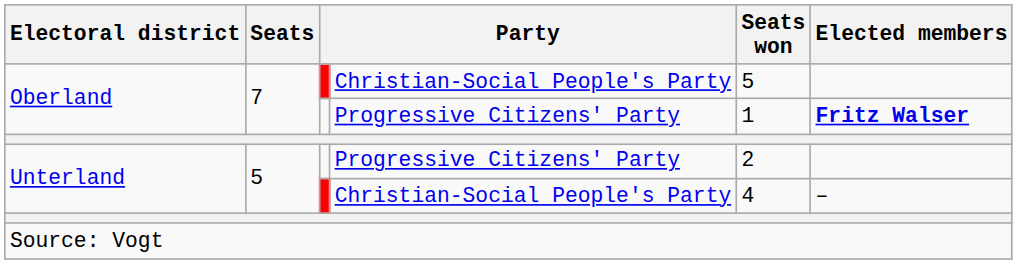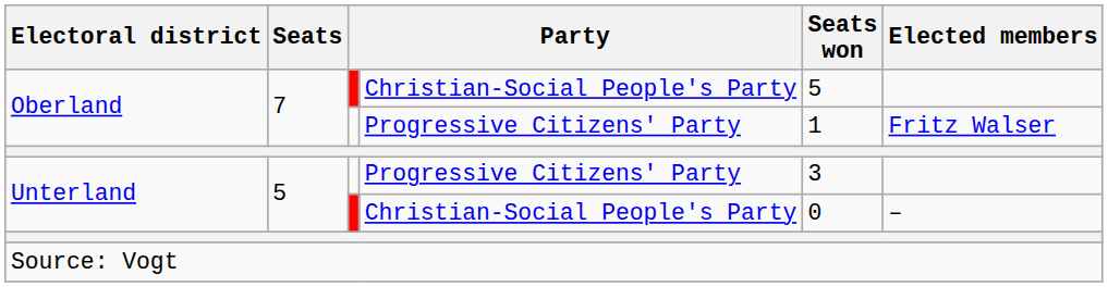 <table class="wikitable">
 <tr>
 <th>Electoral district</th>
 <th>Seats</th>
 <th colspan="2">Party</th>
 <th>Seats<br>won</th>
 <th>Elected members</th>
 </tr>
 <tr>
 <td rowspan="2"><a href='#'>Oberland</a></td>
 <td rowspan="2">7</td>
 <td bgcolor=#FF0000></td>
 <td><a href='#'>Christian-Social People's Party</a></td>
 <td>5</td>
 <td></td>
 </tr>
 <tr>
 <td></td>
 <td><a href='#'>Progressive Citizens' Party</a></td>
 <td>1</td>
-<td><strong><a href='#'>Fritz Walser</a></strong></td>
+<td><a href='#'>Fritz Walser</a></td>
 </tr>
 <tr>
 <th colspan="6"></th>
 </tr>
 <tr>
 <td rowspan="2"><a href='#'>Unterland</a></td>
 <td rowspan="2">5</td>
 <td></td>
 <td><a href='#'>Progressive Citizens' Party</a></td>
-<td>2</td>
+<td>3</td>
 <td></td>
 </tr>
 <tr>
 <td bgcolor=#FF0000></td>
 <td><a href='#'>Christian-Social People's Party</a></td>
-<td>4</td>
+<td>0</td>
 <td>–</td>
 </tr>
 <tr>
 <th colspan="6"></th>
 </tr>
 <tr>
 <td colspan="6">Source: Vogt</td>
 </tr>
 </table>
